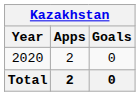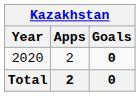 <table class="wikitable" style="text-align:center">
 <tr>
 <th colspan=3><a href='#'>Kazakhstan</a></th>
 </tr>
 <tr>
 <th>Year</th>
 <th>Apps</th>
 <th>Goals</th>
 </tr>
 <tr>
 <td>2020</td>
 <td>2</td>
-<td>0</td>
+<td><strong>0</strong></td>
 </tr>
 <tr>
 <th>Total</th>
 <th>2</th>
 <th>0</th>
 </tr>
 </table>
